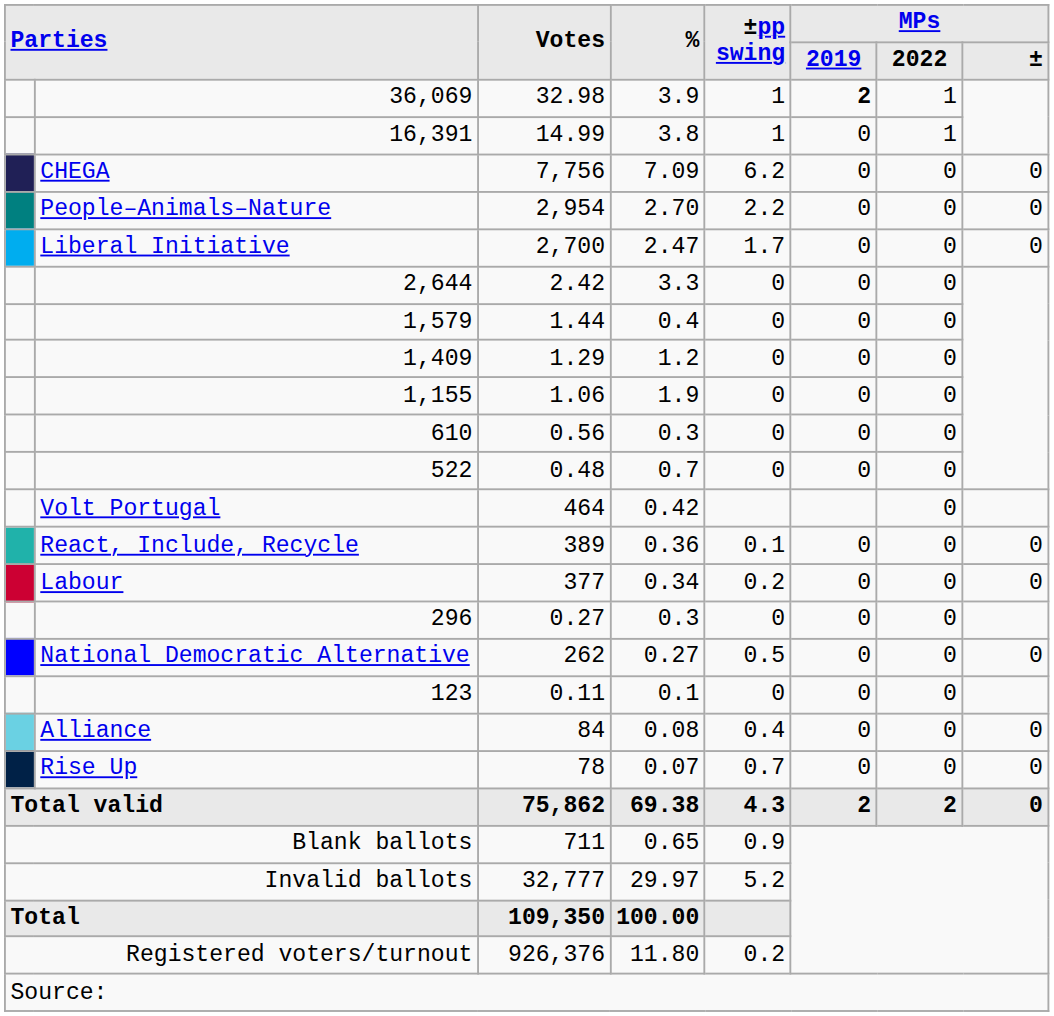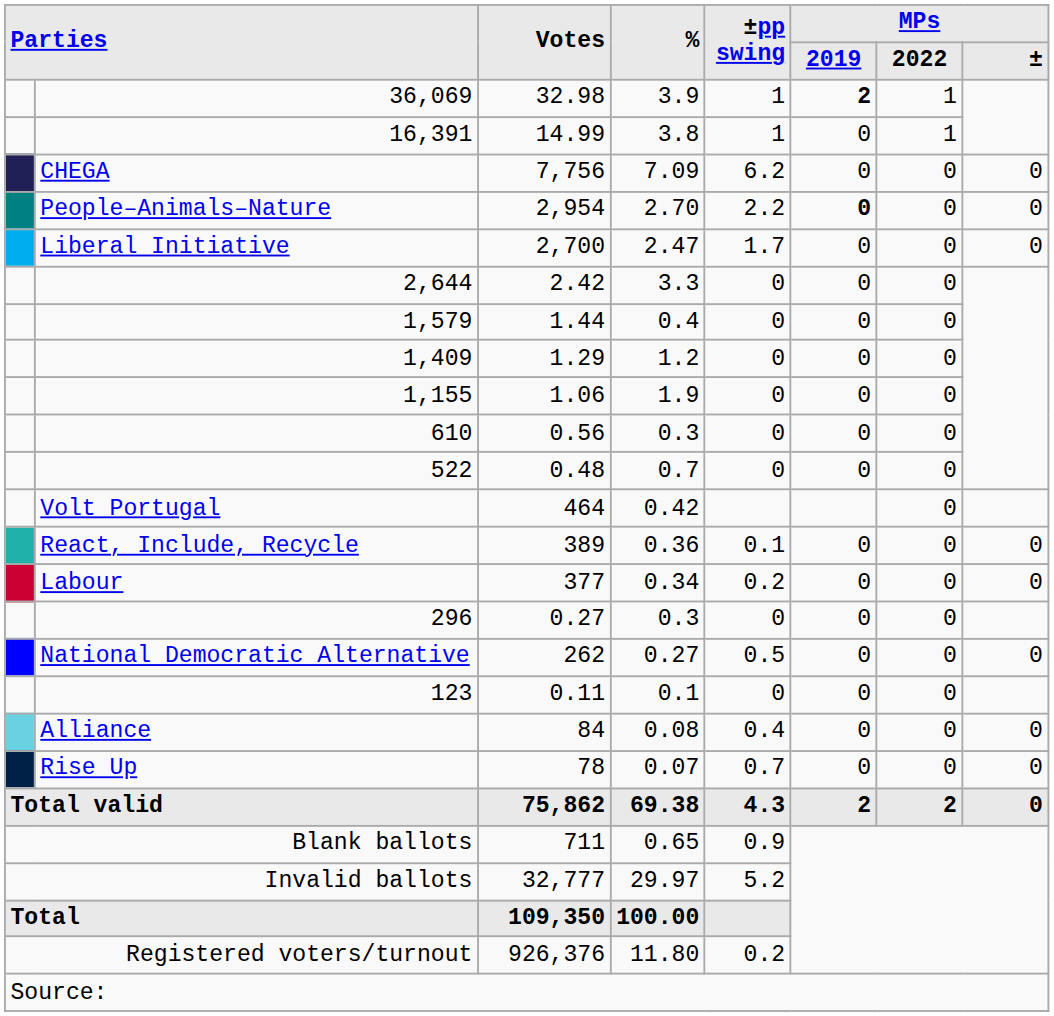 <table class="wikitable" style="text-align:right; font-size:95%;">
 <tr>
 <th rowspan="2" colspan="2" style="background:#e9e9e9; text-align:left;" alignleft><a href='#'>Parties</a></th>
 <th rowspan="2" style="background:#e9e9e9; text-align:right;">Votes</th>
 <th rowspan="2" style="background:#e9e9e9; text-align:right;">%</th>
 <th rowspan="2" style="background:#e9e9e9; text-align:right;">±<a href='#'>pp</a> <a href='#'>swing</a></th>
 <th colspan="3" style="background:#e9e9e9; text-align:center;"><a href='#'>MPs</a></th>
 </tr>
 <tr style="background-color:#E9E9E9">
 <th style="background-color:#E9E9E9;text-align:center;"><a href='#'>2019</a></th>
 <th style="background-color:#E9E9E9;text-align:center;">2022</th>
 <th style="background:#e9e9e9; text-align:right;">±</th>
 </tr>
 <tr>
 <td></td>
 <td>36,069</td>
 <td>32.98</td>
 <td>3.9</td>
 <td>1</td>
 <td><strong>2</strong></td>
 <td>1</td>
 </tr>
 <tr>
 <td></td>
 <td>16,391</td>
 <td>14.99</td>
 <td>3.8</td>
 <td>1</td>
 <td>0</td>
 <td>1</td>
 </tr>
 <tr>
 <td style="width: 10px" bgcolor="#202056" align="center"></td>
 <td align="left"><a href='#'>CHEGA</a></td>
 <td>7,756</td>
 <td>7.09</td>
 <td>6.2</td>
 <td>0</td>
 <td>0</td>
 <td>0</td>
 </tr>
 <tr>
 <td style="width: 10px" bgcolor="teal" align="center"></td>
 <td align="left"><a href='#'>People–Animals–Nature</a></td>
 <td>2,954</td>
 <td>2.70</td>
 <td>2.2</td>
-<td>0</td>
+<td><strong>0</strong></td>
 <td>0</td>
 <td>0</td>
 </tr>
 <tr>
 <td style="width: 10px" bgcolor="#00ADEF" align="center"></td>
 <td align="left"><a href='#'>Liberal Initiative</a></td>
 <td>2,700</td>
 <td>2.47</td>
 <td>1.7</td>
 <td>0</td>
 <td>0</td>
 <td>0</td>
 </tr>
 <tr>
 <td></td>
 <td>2,644</td>
 <td>2.42</td>
 <td>3.3</td>
 <td>0</td>
 <td>0</td>
 <td>0</td>
 </tr>
 <tr>
 <td></td>
 <td>1,579</td>
 <td>1.44</td>
 <td>0.4</td>
 <td>0</td>
 <td>0</td>
 <td>0</td>
 </tr>
 <tr>
 <td></td>
 <td>1,409</td>
 <td>1.29</td>
 <td>1.2</td>
 <td>0</td>
 <td>0</td>
 <td>0</td>
 </tr>
 <tr>
 <td></td>
 <td>1,155</td>
 <td>1.06</td>
 <td>1.9</td>
 <td>0</td>
 <td>0</td>
 <td>0</td>
 </tr>
 <tr>
 <td></td>
 <td>610</td>
 <td>0.56</td>
 <td>0.3</td>
 <td>0</td>
 <td>0</td>
 <td>0</td>
 </tr>
 <tr>
 <td></td>
 <td>522</td>
 <td>0.48</td>
 <td>0.7</td>
 <td>0</td>
 <td>0</td>
 <td>0</td>
 </tr>
 <tr>
 <td style="width: 10px"></td>
 <td align="left"><a href='#'>Volt Portugal</a></td>
 <td>464</td>
 <td>0.42</td>
 <td></td>
 <td></td>
 <td>0</td>
 <td></td>
 </tr>
 <tr>
 <td style="width: 10px" bgcolor="LightSeaGreen" align="center"></td>
 <td align="left"><a href='#'>React, Include, Recycle</a></td>
 <td>389</td>
 <td>0.36</td>
 <td>0.1</td>
 <td>0</td>
 <td>0</td>
 <td>0</td>
 </tr>
 <tr>
 <td style="width: 10px" bgcolor="#CC0033" align="center"></td>
 <td align="left"><a href='#'>Labour</a></td>
 <td>377</td>
 <td>0.34</td>
 <td>0.2</td>
 <td>0</td>
 <td>0</td>
 <td>0</td>
 </tr>
 <tr>
 <td></td>
 <td>296</td>
 <td>0.27</td>
 <td>0.3</td>
 <td>0</td>
 <td>0</td>
 <td>0</td>
 </tr>
 <tr>
 <td style="width: 10px" bgcolor="blue" align="center"></td>
 <td align="left"><a href='#'>National Democratic Alternative</a></td>
 <td>262</td>
 <td>0.27</td>
 <td>0.5</td>
 <td>0</td>
 <td>0</td>
 <td>0</td>
 </tr>
 <tr>
 <td></td>
 <td>123</td>
 <td>0.11</td>
 <td>0.1</td>
 <td>0</td>
 <td>0</td>
 <td>0</td>
 </tr>
 <tr>
 <td style="width: 10px" bgcolor="#6AD1E3" align="center"></td>
 <td align="left"><a href='#'>Alliance</a></td>
 <td>84</td>
 <td>0.08</td>
 <td>0.4</td>
 <td>0</td>
 <td>0</td>
 <td>0</td>
 </tr>
 <tr>
 <td style="width: 10px" bgcolor="#002147" align="center"></td>
 <td align="left"><a href='#'>Rise Up</a></td>
 <td>78</td>
 <td>0.07</td>
 <td>0.7</td>
 <td>0</td>
 <td>0</td>
 <td>0</td>
 </tr>
 <tr>
 <td colspan=2 width="247" align=left style="background-color:#E9E9E9"><strong>Total valid</strong></td>
 <td width="65" align="right" style="background-color:#E9E9E9"><strong>75,862</strong></td>
 <td width="40" align="right" style="background-color:#E9E9E9"><strong>69.38</strong></td>
 <td width="40" align="right" style="background-color:#E9E9E9"><strong>4.3</strong></td>
 <td width="40" align="right" style="background-color:#E9E9E9"><strong>2</strong></td>
 <td width="40" align="right" style="background-color:#E9E9E9"><strong>2</strong></td>
 <td width="40" align="right" style="background-color:#E9E9E9"><strong>0</strong></td>
 </tr>
 <tr>
 <td colspan=2>Blank ballots</td>
 <td>711</td>
 <td>0.65</td>
 <td>0.9</td>
 <td colspan=4 rowspan=4></td>
 </tr>
 <tr>
 <td colspan=2>Invalid ballots</td>
 <td>32,777</td>
 <td>29.97</td>
 <td>5.2</td>
 </tr>
 <tr>
 <td colspan=2 align=left style="background-color:#E9E9E9"><strong>Total</strong></td>
 <td width="50" align="right" style="background-color:#E9E9E9"><strong>109,350</strong></td>
 <td width="40" align="right" style="background-color:#E9E9E9"><strong>100.00</strong></td>
 <td width="40" align="right" style="background-color:#E9E9E9"></td>
 </tr>
 <tr>
 <td colspan=2>Registered voters/turnout</td>
 <td>926,376</td>
 <td>11.80</td>
 <td>0.2</td>
 </tr>
 <tr>
 <td colspan=11 align=left>Source: </td>
 </tr>
 </table>
